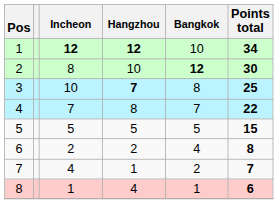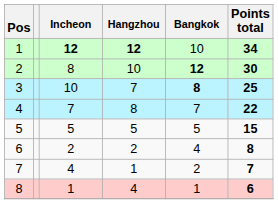 <table class="wikitable" style="text-align:center;">
 <tr>
 <th style="width:1.8em;"><br>Pos</th>
 <th></th>
 <th style="width:5.2em;;font-size:85%;vertical-align:top;padding-left:4px;;padding-right:4px;;"><br>Incheon</th>
 <th style="width:5.2em;;font-size:85%;vertical-align:top;padding-left:4px;;padding-right:4px;;"><br>Hangzhou</th>
 <th style="width:5.2em;;font-size:85%;vertical-align:top;padding-left:4px;;padding-right:4px;;"><br>Bangkok</th>
 <th>Points<br>total</th>
 </tr>
 <tr bgcolor="ccffcc">
 <td>1</td>
 <td align="left"></td>
 <td><strong>12</strong></td>
 <td><strong>12</strong></td>
 <td>10</td>
 <td><strong>34</strong></td>
 </tr>
 <tr bgcolor="ccffcc">
 <td>2</td>
 <td align="left"></td>
 <td>8</td>
 <td>10</td>
 <td><strong>12</strong></td>
 <td><strong>30</strong></td>
 </tr>
 <tr bgcolor="#bbf3ff">
 <td>3</td>
 <td align="left"></td>
 <td>10</td>
-<td><strong>7</strong></td>
-<td>8</td>
+<td>7</td>
+<td><strong>8</strong></td>
 <td><strong>25</strong></td>
 </tr>
 <tr bgcolor="#bbf3ff">
 <td>4</td>
 <td align="left"></td>
 <td>7</td>
 <td>8</td>
 <td>7</td>
 <td><strong>22</strong></td>
 </tr>
 <tr>
 <td>5</td>
 <td align="left"></td>
 <td>5</td>
 <td>5</td>
 <td>5</td>
 <td><strong>15</strong></td>
 </tr>
 <tr>
 <td>6</td>
 <td align="left"></td>
 <td>2</td>
 <td>2</td>
 <td>4</td>
 <td><strong>8</strong></td>
 </tr>
 <tr>
 <td>7</td>
 <td align="left"></td>
 <td>4</td>
 <td>1</td>
 <td>2</td>
 <td><strong>7</strong></td>
 </tr>
 <tr bgcolor="ffcccc">
 <td>8</td>
 <td align="left"></td>
 <td>1</td>
 <td>4</td>
 <td>1</td>
 <td><strong>6</strong></td>
 </tr>
 <tr bgcolor="ffcccc">
 </tr>
 </table>
